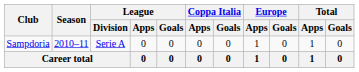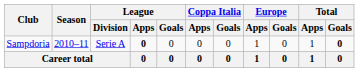 <table class="wikitable" style="text-align:center">
 <tr>
 <th rowspan="2">Club</th>
 <th rowspan="2">Season</th>
 <th colspan="3">League</th>
 <th colspan="2"><a href='#'>Coppa Italia</a></th>
 <th colspan="2"><a href='#'>Europe</a></th>
 <th colspan="2">Total</th>
 </tr>
 <tr>
 <th>Division</th>
 <th>Apps</th>
 <th>Goals</th>
 <th>Apps</th>
 <th>Goals</th>
 <th>Apps</th>
 <th>Goals</th>
 <th>Apps</th>
 <th>Goals</th>
 </tr>
 <tr>
 <td rowspan="1"><a href='#'>Sampdoria</a></td>
 <td><a href='#'>2010–11</a></td>
 <td rowspan="1"><a href='#'>Serie A</a></td>
-<td>0</td>
+<td><strong>0</strong></td>
 <td>0</td>
 <td>0</td>
 <td>0</td>
 <td>1</td>
 <td>0</td>
 <td>1</td>
-<td>0</td>
+<td><strong>0</strong></td>
 </tr>
 <tr>
 <th colspan="3">Career total</th>
 <th>0</th>
 <th>0</th>
 <th>0</th>
 <th>0</th>
 <th>1</th>
 <th>0</th>
 <th>1</th>
 <th>0</th>
 </tr>
 </table>
